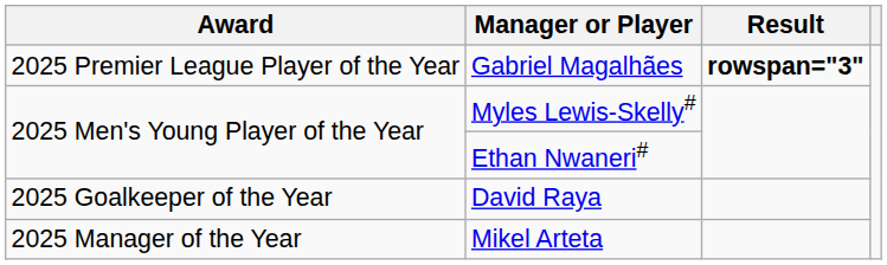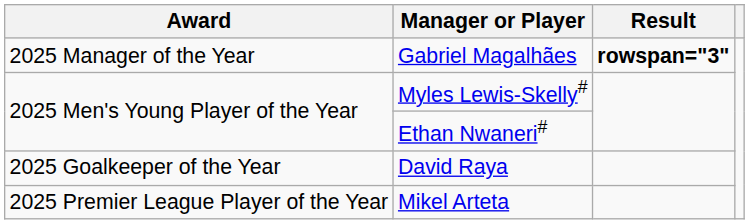 <table class="wikitable" style="text-align:center;">
 <tr>
 <th>Award</th>
 <th>Manager or Player</th>
 <th>Result</th>
 <th></th>
 </tr>
 <tr>
-<td style="text-align:left;">2025 Premier League Player of the Year</td>
+<td style="text-align:left;">2025 Manager of the Year</td>
 <td style="text-align:left;"> <a href='#'>Gabriel Magalhães</a></td>
 <td><strong>rowspan="3" </strong></td>
 <td rowspan="5"></td>
 </tr>
 <tr>
 <td rowspan="2" style="text-align:left;">2025 Men's Young Player of the Year</td>
 <td style="text-align:left;"> <a href='#'>Myles Lewis-Skelly</a><sup>#</sup></td>
 </tr>
 <tr>
 <td style="text-align:left;"> <a href='#'>Ethan Nwaneri</a><sup>#</sup></td>
 </tr>
 <tr>
 <td style="text-align:left;">2025 Goalkeeper of the Year</td>
 <td style="text-align:left;"> <a href='#'>David Raya</a></td>
 <td></td>
 </tr>
 <tr>
-<td style="text-align:left;">2025 Manager of the Year</td>
+<td style="text-align:left;">2025 Premier League Player of the Year</td>
 <td style="text-align:left;"> <a href='#'>Mikel Arteta</a></td>
 <td></td>
 </tr>
 </table>
